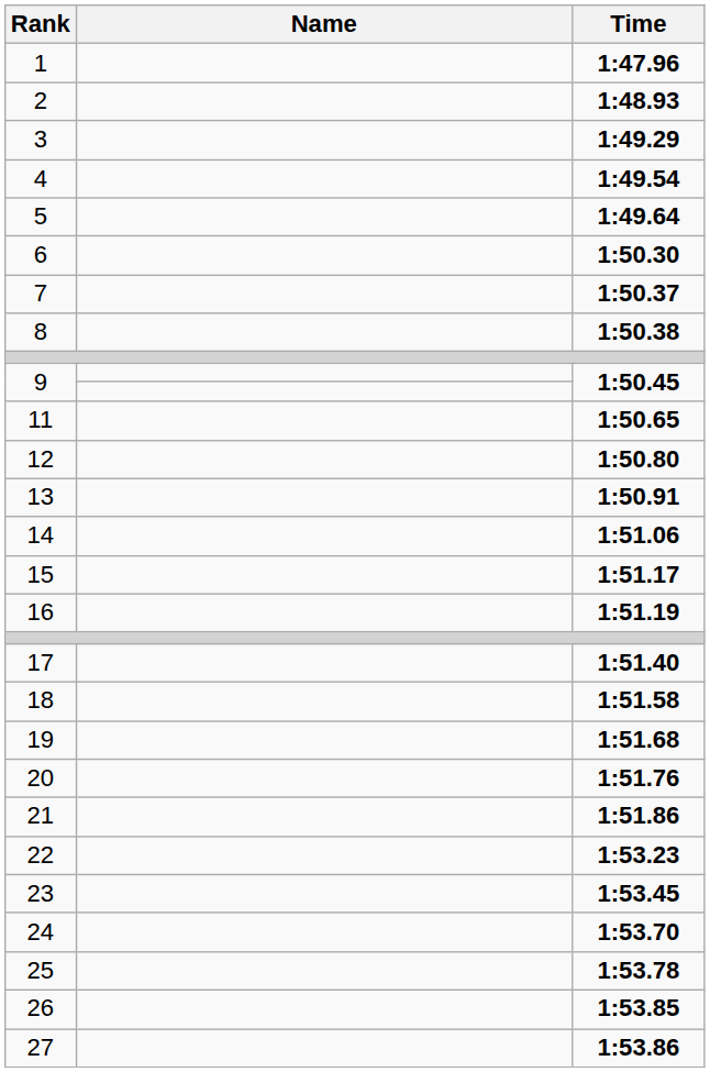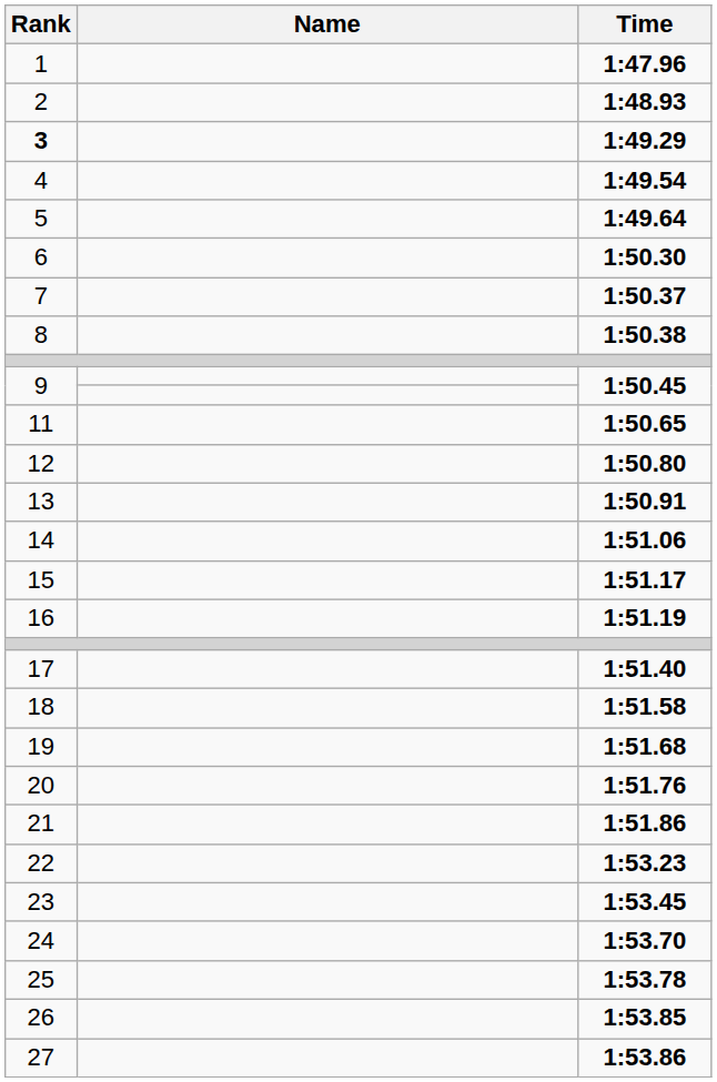 <table class="wikitable">
 <tr>
 <th>Rank</th>
 <th align="center" style="width: 20em">Name</th>
 <th align="center" style="width: 5em">Time</th>
 </tr>
 <tr>
 <td align="center">1</td>
 <td></td>
 <td align="center"><strong>1:47.96</strong></td>
 </tr>
 <tr>
 <td align="center">2</td>
 <td></td>
 <td align="center"><strong>1:48.93</strong></td>
 </tr>
 <tr>
-<td align="center">3</td>
+<td align="center"><strong>3</strong></td>
 <td></td>
 <td align="center"><strong>1:49.29</strong></td>
 </tr>
 <tr>
 <td align="center">4</td>
 <td></td>
 <td align="center"><strong>1:49.54</strong></td>
 </tr>
 <tr>
 <td align="center">5</td>
 <td></td>
 <td align="center"><strong>1:49.64</strong></td>
 </tr>
 <tr>
 <td align="center">6</td>
 <td></td>
 <td align="center"><strong>1:50.30</strong></td>
 </tr>
 <tr>
 <td align="center">7</td>
 <td></td>
 <td align="center"><strong>1:50.37</strong></td>
 </tr>
 <tr>
 <td align="center">8</td>
 <td></td>
 <td align="center"><strong>1:50.38</strong></td>
 </tr>
 <tr>
 <td colspan=3 bgcolor=lightgray></td>
 </tr>
 <tr>
 <td rowspan=2 align="center">9</td>
 <td></td>
 <td rowspan=2 align="center"><strong>1:50.45</strong></td>
 </tr>
 <tr>
 <td></td>
 </tr>
 <tr>
 <td align="center">11</td>
 <td></td>
 <td align="center"><strong>1:50.65</strong></td>
 </tr>
 <tr>
 <td align="center">12</td>
 <td></td>
 <td align="center"><strong>1:50.80</strong></td>
 </tr>
 <tr>
 <td align="center">13</td>
 <td></td>
 <td align="center"><strong>1:50.91</strong></td>
 </tr>
 <tr>
 <td align="center">14</td>
 <td></td>
 <td align="center"><strong>1:51.06</strong></td>
 </tr>
 <tr>
 <td align="center">15</td>
 <td></td>
 <td align="center"><strong>1:51.17</strong></td>
 </tr>
 <tr>
 <td align="center">16</td>
 <td></td>
 <td align="center"><strong>1:51.19</strong></td>
 </tr>
 <tr>
 <td colspan=3 bgcolor=lightgray></td>
 </tr>
 <tr>
 <td align="center">17</td>
 <td></td>
 <td align="center"><strong>1:51.40</strong></td>
 </tr>
 <tr>
 <td align="center">18</td>
 <td></td>
 <td align="center"><strong>1:51.58</strong></td>
 </tr>
 <tr>
 <td align="center">19</td>
 <td></td>
 <td align="center"><strong>1:51.68</strong></td>
 </tr>
 <tr>
 <td align="center">20</td>
 <td></td>
 <td align="center"><strong>1:51.76</strong></td>
 </tr>
 <tr>
 <td align="center">21</td>
 <td></td>
 <td align="center"><strong>1:51.86</strong></td>
 </tr>
 <tr>
 <td align="center">22</td>
 <td></td>
 <td align="center"><strong>1:53.23</strong></td>
 </tr>
 <tr>
 <td align="center">23</td>
 <td></td>
 <td align="center"><strong>1:53.45</strong></td>
 </tr>
 <tr>
 <td align="center">24</td>
 <td></td>
 <td align="center"><strong>1:53.70</strong></td>
 </tr>
 <tr>
 <td align="center">25</td>
 <td></td>
 <td align="center"><strong>1:53.78</strong></td>
 </tr>
 <tr>
 <td align="center">26</td>
 <td></td>
 <td align="center"><strong>1:53.85</strong></td>
 </tr>
 <tr>
 <td align="center">27</td>
 <td></td>
 <td align="center"><strong>1:53.86</strong></td>
 </tr>
 </table>
